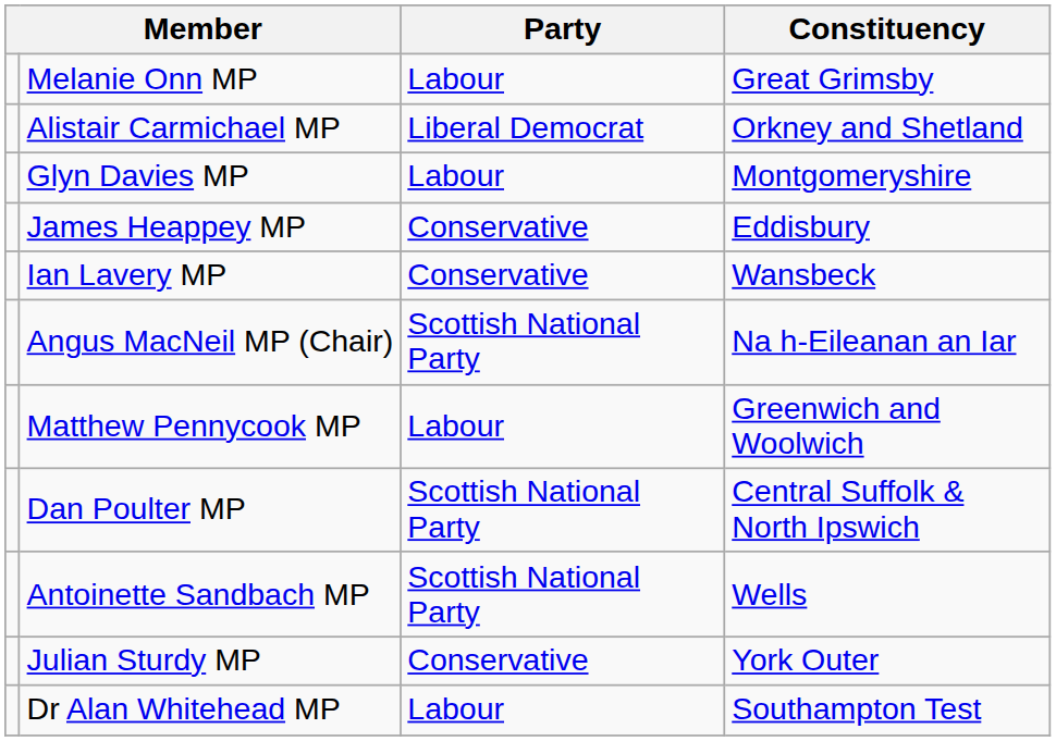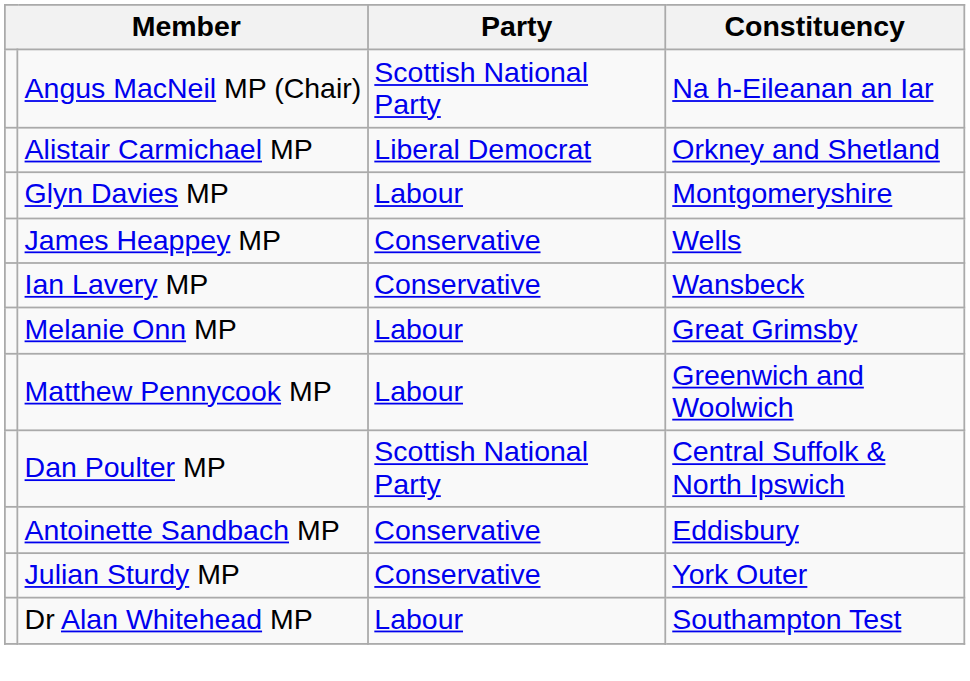 <table class="wikitable">
 <tr>
 <th width="160px" colspan="2" valign="top">Member</th>
 <th width="160px" valign="top">Party</th>
 <th width="160px" valign="top">Constituency</th>
 </tr>
 <tr>
 <td style="color:inherit;background:"></td>
-<td><a href='#'>Melanie Onn</a> MP</td>
-<td><a href='#'>Labour</a></td>
-<td><a href='#'>Great Grimsby</a></td>
+<td><a href='#'>Angus MacNeil</a> MP (Chair)</td>
+<td><a href='#'>Scottish National Party</a></td>
+<td><a href='#'>Na h-Eileanan an Iar</a></td>
 </tr>
 <tr>
 <td style="color:inherit;background:"></td>
 <td><a href='#'>Alistair Carmichael</a> MP</td>
 <td><a href='#'>Liberal Democrat</a></td>
 <td><a href='#'>Orkney and Shetland</a></td>
 </tr>
 <tr>
 <td style="color:inherit;background:"></td>
 <td><a href='#'>Glyn Davies</a> MP</td>
 <td><a href='#'>Labour</a></td>
 <td><a href='#'>Montgomeryshire</a></td>
 </tr>
 <tr>
 <td style="color:inherit;background:"></td>
 <td><a href='#'>James Heappey</a> MP</td>
 <td><a href='#'>Conservative</a></td>
-<td><a href='#'>Eddisbury</a></td>
+<td><a href='#'>Wells</a></td>
 </tr>
 <tr>
 <td style="color:inherit;background:"></td>
 <td><a href='#'>Ian Lavery</a> MP</td>
 <td><a href='#'>Conservative</a></td>
 <td><a href='#'>Wansbeck</a></td>
 </tr>
 <tr>
 <td style="color:inherit;background:"></td>
-<td><a href='#'>Angus MacNeil</a> MP (Chair)</td>
-<td><a href='#'>Scottish National Party</a></td>
-<td><a href='#'>Na h-Eileanan an Iar</a></td>
+<td><a href='#'>Melanie Onn</a> MP</td>
+<td><a href='#'>Labour</a></td>
+<td><a href='#'>Great Grimsby</a></td>
 </tr>
 <tr>
 <td style="color:inherit;background:"></td>
 <td><a href='#'>Matthew Pennycook</a> MP</td>
 <td><a href='#'>Labour</a></td>
 <td><a href='#'>Greenwich and Woolwich</a></td>
 </tr>
 <tr>
 <td style="color:inherit;background:"></td>
 <td><a href='#'>Dan Poulter</a> MP</td>
 <td><a href='#'>Scottish National Party</a></td>
 <td><a href='#'>Central Suffolk & North Ipswich</a></td>
 </tr>
 <tr>
 <td style="color:inherit;background:"></td>
 <td><a href='#'>Antoinette Sandbach</a> MP</td>
-<td><a href='#'>Scottish National Party</a></td>
-<td><a href='#'>Wells</a></td>
+<td><a href='#'>Conservative</a></td>
+<td><a href='#'>Eddisbury</a></td>
 </tr>
 <tr>
 <td style="color:inherit;background:"></td>
 <td><a href='#'>Julian Sturdy</a> MP</td>
 <td><a href='#'>Conservative</a></td>
 <td><a href='#'>York Outer</a></td>
 </tr>
 <tr>
 <td style="color:inherit;background:"></td>
 <td>Dr <a href='#'>Alan Whitehead</a> MP</td>
 <td><a href='#'>Labour</a></td>
 <td><a href='#'>Southampton Test</a></td>
 </tr>
 </table>
